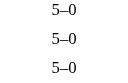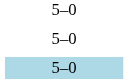 <table style="font-size:90%">
 <tr>
 <td colspan=3></td>
 </tr>
 <tr>
 <td align=right><strong></strong></td>
 <td align=center>5–0</td>
 <td></td>
 </tr>
 <tr>
 <td colspan=3></td>
 </tr>
 <tr>
 <td width=150 align=right><strong></strong></td>
 <td width=100 align=center>5–0</td>
 <td></td>
 </tr>
 <tr>
 <td colspan=3></td>
 </tr>
 <tr>
 <td align=right><strong></strong></td>
-<td align=center>5–0</td>
+<td align=center style="background: lightblue;">5–0</td>
 <td></td>
 </tr>
 </table>
